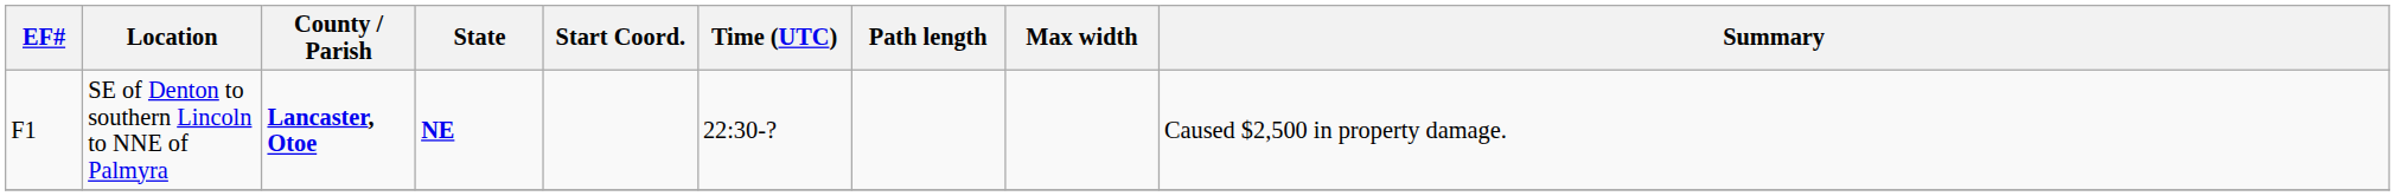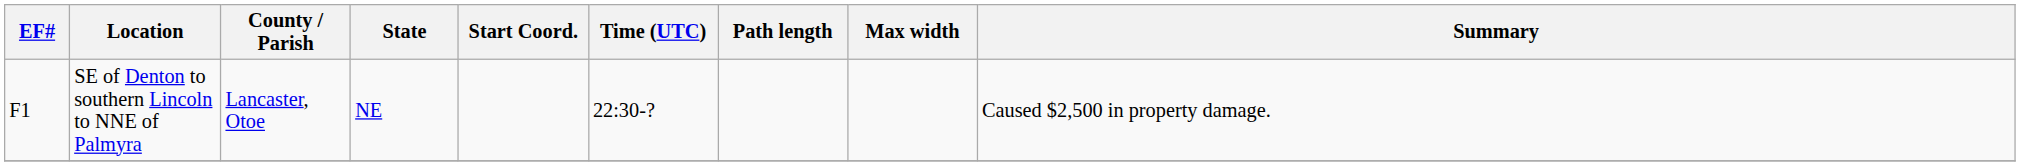 <table class="wikitable sortable" style="width:100%;">
 <tr>
 <th scope="col"  style="width:3%; text-align:center;"><a href='#'>EF#</a></th>
 <th scope="col"  style="width:7%; text-align:center;" class="unsortable">Location</th>
 <th scope="col"  style="width:6%; text-align:center;" class="unsortable">County / Parish</th>
 <th scope="col"  style="width:5%; text-align:center;">State</th>
 <th scope="col"  style="width:6%; text-align:center;">Start Coord.</th>
 <th scope="col"  style="width:6%; text-align:center;">Time (<a href='#'>UTC</a>)</th>
 <th scope="col"  style="width:6%; text-align:center;">Path length</th>
 <th scope="col"  style="width:6%; text-align:center;">Max width</th>
 <th scope="col" class="unsortable" style="width:48%; text-align:center;">Summary</th>
 </tr>
 <tr>
 <td bgcolor=>F1</td>
 <td>SE of <a href='#'>Denton</a> to southern <a href='#'>Lincoln</a> to NNE of <a href='#'>Palmyra</a></td>
-<td><strong><a href='#'>Lancaster</a>, <a href='#'>Otoe</a></strong></td>
-<td><strong><a href='#'>NE</a></strong></td>
+<td><a href='#'>Lancaster</a>, <a href='#'>Otoe</a></td>
+<td><a href='#'>NE</a></td>
 <td></td>
 <td>22:30-?</td>
 <td></td>
 <td></td>
 <td>Caused $2,500 in property damage.</td>
 </tr>
 <tr>
 </tr>
 </table>
